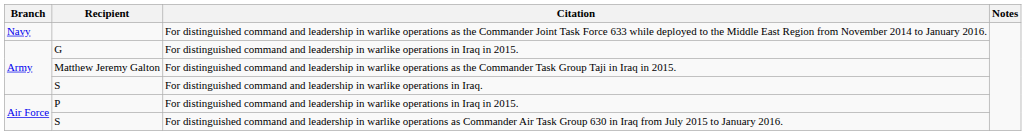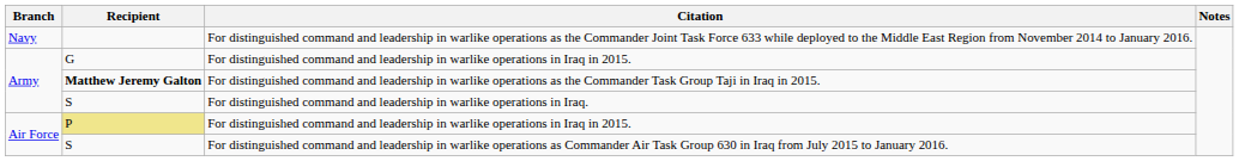 <table class="wikitable" style="font-size:95%;">
 <tr>
 <th>Branch</th>
 <th>Recipient</th>
 <th>Citation</th>
 <th>Notes</th>
 </tr>
 <tr>
 <td><a href='#'>Navy</a></td>
 <td></td>
 <td>For distinguished command and leadership in warlike operations as the Commander Joint Task Force 633 while deployed to the Middle East Region from November 2014 to January 2016.</td>
 <td rowspan=6></td>
 </tr>
 <tr>
 <td rowspan=3><a href='#'>Army</a></td>
 <td> G</td>
 <td>For distinguished command and leadership in warlike operations in Iraq in 2015.</td>
 </tr>
 <tr>
-<td> Matthew Jeremy Galton</td>
+<td><strong> Matthew Jeremy Galton</strong></td>
 <td>For distinguished command and leadership in warlike operations as the Commander Task Group Taji in Iraq in 2015.</td>
 </tr>
 <tr>
 <td> S</td>
 <td>For distinguished command and leadership in warlike operations in Iraq.</td>
 </tr>
 <tr>
 <td rowspan=2><a href='#'>Air Force</a></td>
-<td> P</td>
+<td style="background: khaki;"> P</td>
 <td>For distinguished command and leadership in warlike operations in Iraq in 2015.</td>
 </tr>
 <tr>
 <td> S</td>
 <td>For distinguished command and leadership in warlike operations as Commander Air Task Group 630 in Iraq from July 2015 to January 2016.</td>
 </tr>
 </table>
